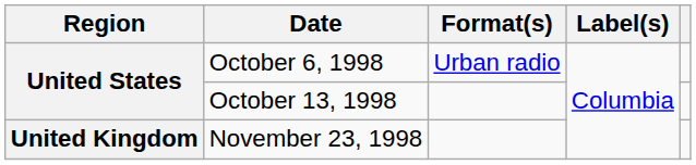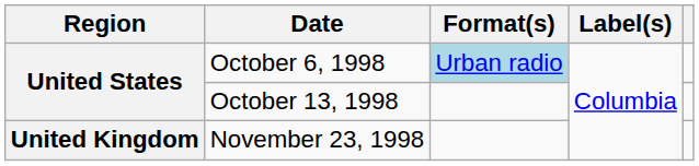 <table class="wikitable plainrowheaders">
 <tr>
 <th scope="col">Region</th>
 <th scope="col">Date</th>
 <th scope="col">Format(s)</th>
 <th scope="col">Label(s)</th>
 <th scope="col"></th>
 </tr>
 <tr>
 <th scope="row" rowspan="2">United States</th>
 <td>October 6, 1998</td>
-<td><a href='#'>Urban radio</a></td>
+<td style="background: lightblue;"><a href='#'>Urban radio</a></td>
 <td rowspan="3"><a href='#'>Columbia</a></td>
 <td></td>
 </tr>
 <tr>
 <td>October 13, 1998</td>
 <td></td>
 <td></td>
 </tr>
 <tr>
 <th scope="row">United Kingdom</th>
 <td>November 23, 1998</td>
 <td></td>
 <td></td>
 </tr>
 </table>
